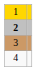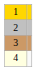 <table class="wikitable" style="text-align:center">
 <tr bgcolor=gold>
 <td width="30">1</td>
 <td align=left></td>
 </tr>
 <tr bgcolor=silver>
-<td><strong>2</strong></td>
+<td>2</td>
 <td align=left></td>
 </tr>
 <tr bgcolor=cc9966>
 <td>3</td>
 <td align=left></td>
 </tr>
 <tr>
-<td>4</td>
+<td style="background: lightyellow;">4</td>
 <td align=left></td>
 </tr>
 </table>
